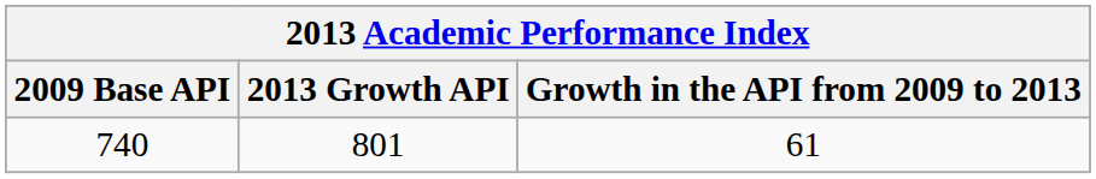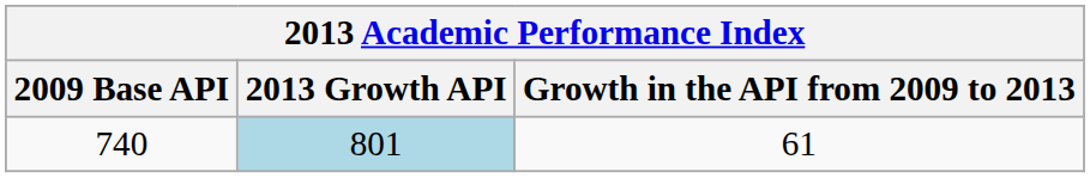 <table class="wikitable" style="text-align:center">
 <tr>
 <th colspan="3">2013 <a href='#'>Academic Performance Index</a></th>
 </tr>
 <tr>
 <th>2009 Base API </th>
 <th>2013 Growth API </th>
 <th>Growth in the API from 2009 to 2013</th>
 </tr>
 <tr>
 <td>740</td>
-<td>801</td>
+<td style="background: lightblue;">801</td>
 <td>61</td>
 </tr>
 </table>
